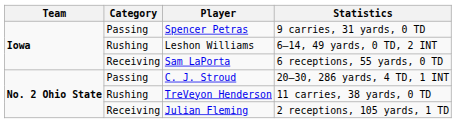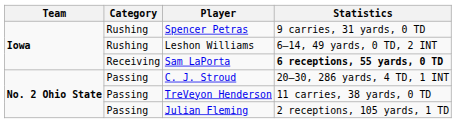 <table class="wikitable" style="float: left;">
 <tr>
 <th>Team</th>
 <th>Category</th>
 <th>Player</th>
 <th>Statistics</th>
 </tr>
 <tr>
 <td rowspan=3><strong>Iowa</strong></td>
-<td>Passing</td>
+<td>Rushing</td>
 <td><a href='#'>Spencer Petras</a></td>
 <td>9 carries, 31 yards, 0 TD</td>
 </tr>
 <tr>
 <td>Rushing</td>
 <td>Leshon Williams</td>
 <td>6–14, 49 yards, 0 TD, 2 INT</td>
 </tr>
 <tr>
 <td>Receiving</td>
 <td><a href='#'>Sam LaPorta</a></td>
-<td>6 receptions, 55 yards, 0 TD</td>
+<td><strong>6 receptions, 55 yards, 0 TD</strong></td>
 </tr>
 <tr>
 <td rowspan=3><strong>No. 2 Ohio State</strong></td>
 <td>Passing</td>
 <td><a href='#'>C. J. Stroud</a></td>
 <td>20–30, 286 yards, 4 TD, 1 INT</td>
 </tr>
 <tr>
-<td>Rushing</td>
+<td>Passing</td>
 <td><a href='#'>TreVeyon Henderson</a></td>
 <td>11 carries, 38 yards, 0 TD</td>
 </tr>
 <tr>
-<td>Receiving</td>
+<td>Passing</td>
 <td><a href='#'>Julian Fleming</a></td>
 <td>2 receptions, 105 yards, 1 TD</td>
 </tr>
 </table>
